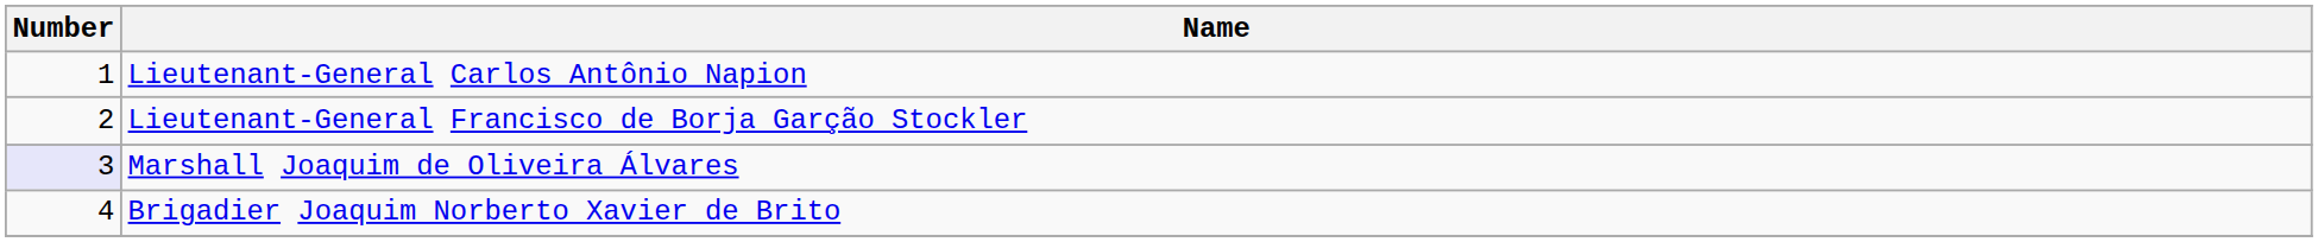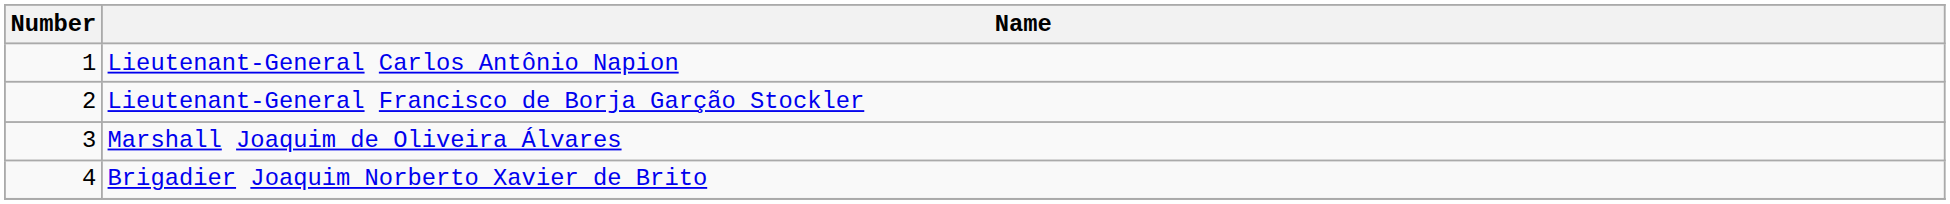 <table class="wikitable">
 <tr>
 <th width="5%">Number</th>
 <th>Name</th>
 </tr>
 <tr>
 <td align=right>1</td>
 <td rowspan=1><a href='#'>Lieutenant-General</a> <a href='#'>Carlos Antônio Napion</a></td>
 </tr>
 <tr>
 <td align=right>2</td>
 <td><a href='#'>Lieutenant-General</a> <a href='#'>Francisco de Borja Garção Stockler</a></td>
 </tr>
 <tr>
-<td align=right style="background: lavender;">3</td>
+<td align=right>3</td>
 <td><a href='#'>Marshall</a> <a href='#'>Joaquim de Oliveira Álvares</a></td>
 </tr>
 <tr>
 <td align=right>4</td>
 <td><a href='#'>Brigadier</a> <a href='#'>Joaquim Norberto Xavier de Brito</a></td>
 </tr>
 <tr>
 </tr>
 </table>
